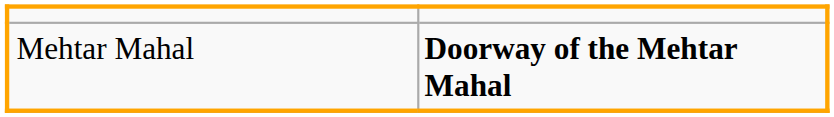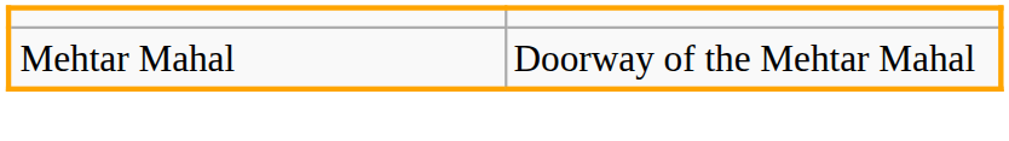 <table class="wikitable" align="right" width="30%" style="font-size:90%; border:2px solid orange;">
 <tr>
 <td width="40%" align="center" valign="center"></td>
 <td width="40%" align="center" valign="center"></td>
 </tr>
 <tr>
 <td valign="top">Mehtar Mahal</td>
-<td valign="top"><strong>Doorway of the Mehtar Mahal</strong></td>
+<td valign="top">Doorway of the Mehtar Mahal</td>
 </tr>
 <tr>
 </tr>
 </table>
